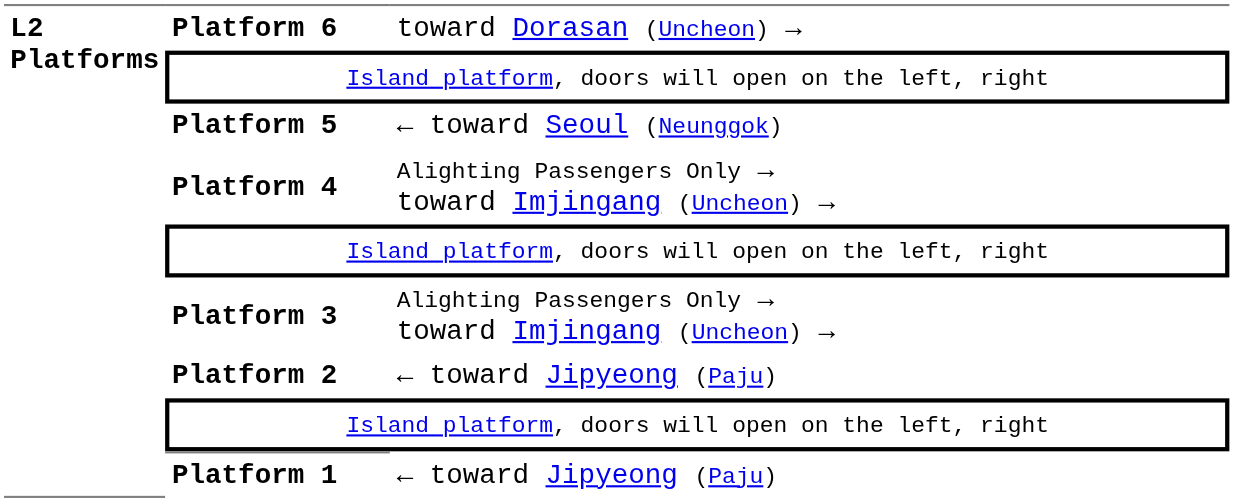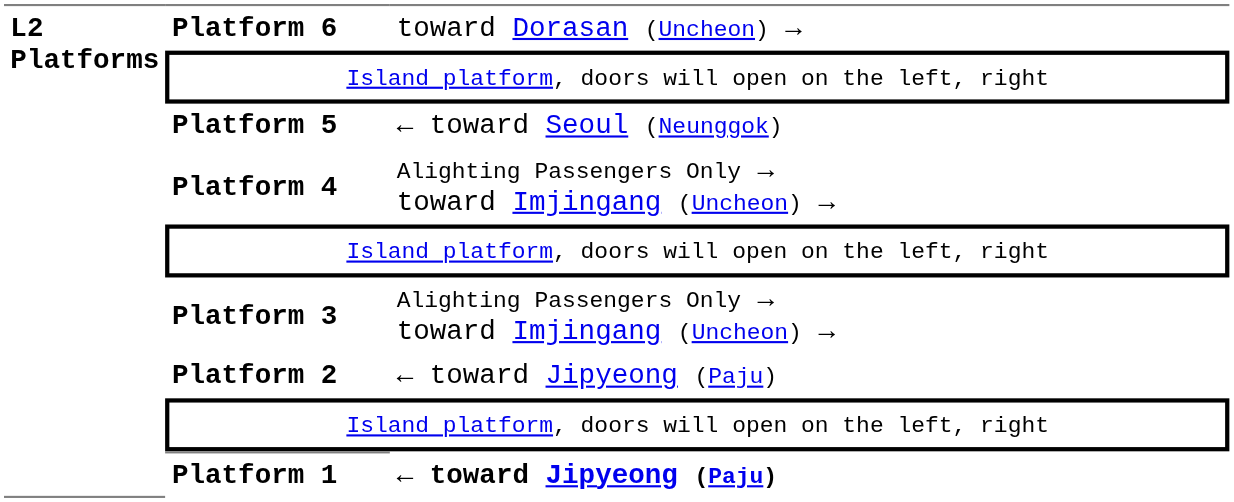 <table table border=0 cellspacing=0 cellpadding=3>
 <tr>
 <td style="border-top:solid 1px gray;border-bottom:solid 1px gray;" width=50 rowspan=25 valign=top><strong>L2<br>Platforms</strong></td>
 <td style="border-bottom:solid 0px gray;border-top:solid 1px gray;" width=100><span><strong>Platform 6</strong></span></td>
 <td style="border-bottom:solid 0px gray;border-top:solid 1px gray;" width=390>  toward <a href='#'>Dorasan</a> <small>(<a href='#'>Uncheon</a>)</small> →</td>
 </tr>
 <tr>
 <td style="border-top:solid 2px black;border-right:solid 2px black;border-left:solid 2px black;border-bottom:solid 2px black;text-align:center;" colspan=2><small><a href='#'>Island platform</a>, doors will open on the left, right</small></td>
 </tr>
 <tr>
 <td><span><strong>Platform 5</strong></span></td>
 <td>←  toward <a href='#'>Seoul</a> <small>(<a href='#'>Neunggok</a>)</small></td>
 </tr>
 <tr>
 <td><span><strong>Platform 4</strong></span></td>
 <td>  <small>Alighting Passengers Only</small> →<br>  toward <a href='#'>Imjingang</a> <small>(<a href='#'>Uncheon</a>)</small> →</td>
 </tr>
 <tr>
 <td style="border-top:solid 2px black;border-right:solid 2px black;border-left:solid 2px black;border-bottom:solid 2px black;text-align:center;" colspan=2><small><a href='#'>Island platform</a>, doors will open on the left, right</small></td>
 </tr>
 <tr>
 <td><span><strong>Platform 3</strong></span></td>
 <td>  <small>Alighting Passengers Only</small> →<br>  toward <a href='#'>Imjingang</a> <small>(<a href='#'>Uncheon</a>)</small> →</td>
 </tr>
 <tr>
 <td><span><strong>Platform 2</strong></span></td>
 <td>←  toward <a href='#'>Jipyeong</a> <small>(<a href='#'>Paju</a>)</small></td>
 </tr>
 <tr>
 <td style="border-top:solid 2px black;border-right:solid 2px black;border-left:solid 2px black;border-bottom:solid 2px black;text-align:center;" colspan=2><small><a href='#'>Island platform</a>, doors will open on the left, right</small></td>
 </tr>
 <tr>
 <td style="border-bottom:solid 0px gray;border-top:solid 1px gray;" width=100><span><strong>Platform 1</strong></span></td>
-<td>←  toward <a href='#'>Jipyeong</a> <small>(<a href='#'>Paju</a>)</small></td>
+<td><strong>←  toward <a href='#'>Jipyeong</a> <small>(<a href='#'>Paju</a>)</small></strong></td>
 </tr>
 </table>
